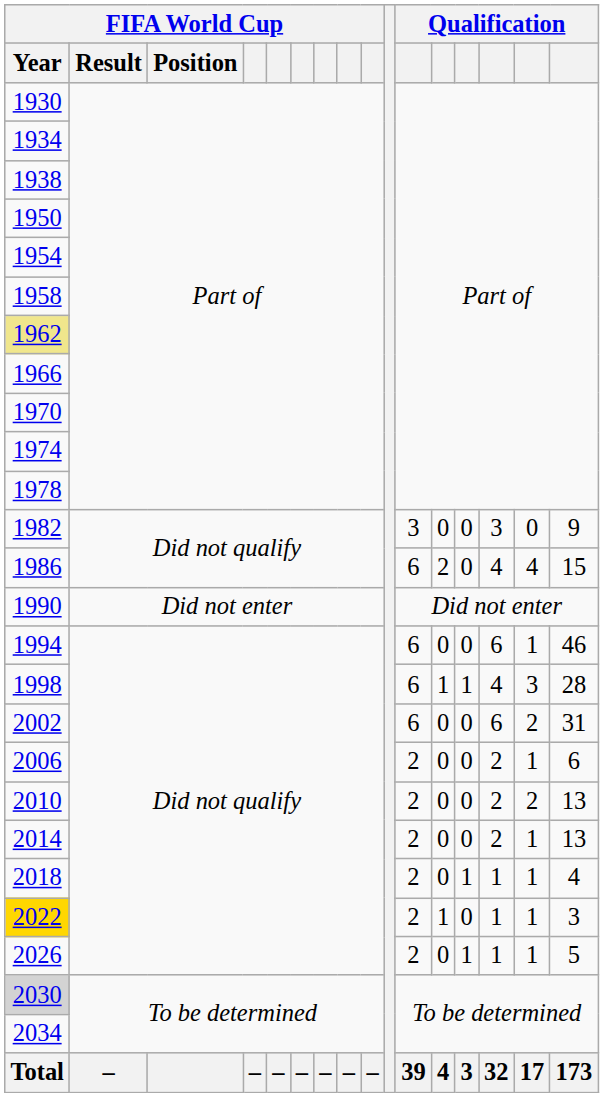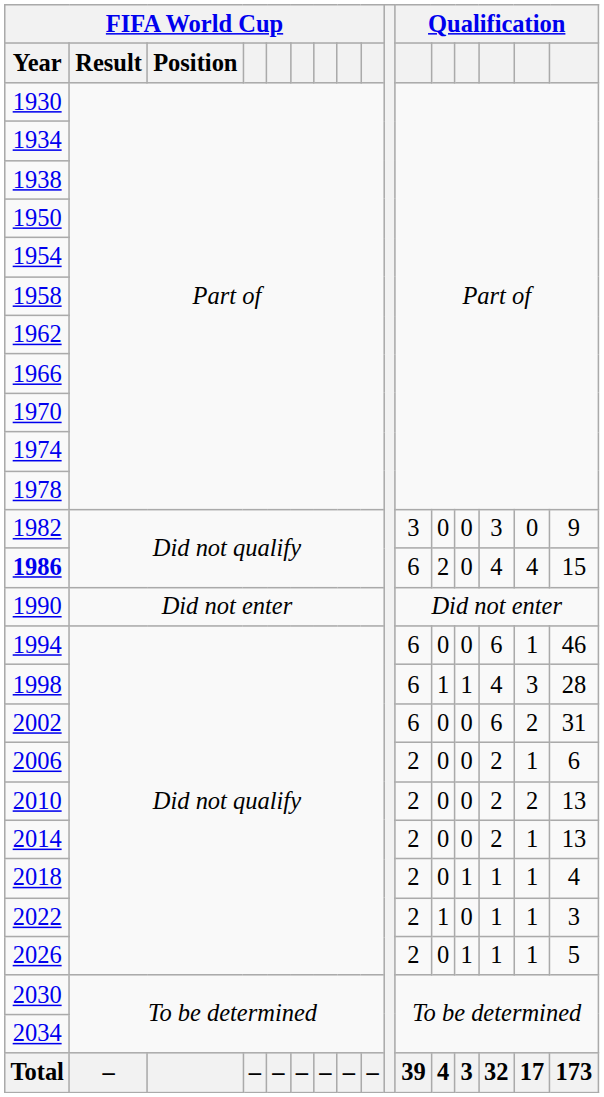 <table class="wikitable" style="text-align:center">
 <tr>
 <th colspan=9><a href='#'>FIFA World Cup</a></th>
 <th rowspan=37></th>
 <th colspan=6><a href='#'>Qualification</a></th>
 </tr>
 <tr>
 <th>Year</th>
 <th>Result</th>
 <th>Position</th>
 <th></th>
 <th></th>
 <th></th>
 <th></th>
 <th></th>
 <th></th>
 <th></th>
 <th></th>
 <th></th>
 <th></th>
 <th></th>
 <th></th>
 </tr>
 <tr>
 <td> <a href='#'>1930</a></td>
 <td rowspan="11" colspan="8"><em>Part of </em></td>
 <td rowspan="11" colspan="6"><em>Part of </em></td>
 </tr>
 <tr>
 <td> <a href='#'>1934</a></td>
 </tr>
 <tr>
 <td> <a href='#'>1938</a></td>
 </tr>
 <tr>
 <td> <a href='#'>1950</a></td>
 </tr>
 <tr>
 <td> <a href='#'>1954</a></td>
 </tr>
 <tr>
 <td> <a href='#'>1958</a></td>
 </tr>
 <tr>
-<td style="background: khaki;"> <a href='#'>1962</a></td>
+<td> <a href='#'>1962</a></td>
 </tr>
 <tr>
 <td> <a href='#'>1966</a></td>
 </tr>
 <tr>
 <td> <a href='#'>1970</a></td>
 </tr>
 <tr>
 <td> <a href='#'>1974</a></td>
 </tr>
 <tr>
 <td> <a href='#'>1978</a></td>
 </tr>
 <tr>
 <td> <a href='#'>1982</a></td>
 <td colspan=8 rowspan=2><em>Did not qualify</em></td>
 <td>3</td>
 <td>0</td>
 <td>0</td>
 <td>3</td>
 <td>0</td>
 <td>9</td>
 </tr>
 <tr>
-<td> <a href='#'>1986</a></td>
+<td><strong> <a href='#'>1986</a></strong></td>
 <td>6</td>
 <td>2</td>
 <td>0</td>
 <td>4</td>
 <td>4</td>
 <td>15</td>
 </tr>
 <tr>
 <td> <a href='#'>1990</a></td>
 <td colspan=8><em>Did not enter</em></td>
 <td colspan=6 rowspan=1><em>Did not enter</em></td>
 </tr>
 <tr>
 <td> <a href='#'>1994</a></td>
 <td colspan=8 rowspan=9><em>Did not qualify</em></td>
 <td>6</td>
 <td>0</td>
 <td>0</td>
 <td>6</td>
 <td>1</td>
 <td>46</td>
 </tr>
 <tr>
 <td> <a href='#'>1998</a></td>
 <td>6</td>
 <td>1</td>
 <td>1</td>
 <td>4</td>
 <td>3</td>
 <td>28</td>
 </tr>
 <tr>
 <td> <a href='#'>2002</a></td>
 <td>6</td>
 <td>0</td>
 <td>0</td>
 <td>6</td>
 <td>2</td>
 <td>31</td>
 </tr>
 <tr>
 <td> <a href='#'>2006</a></td>
 <td>2</td>
 <td>0</td>
 <td>0</td>
 <td>2</td>
 <td>1</td>
 <td>6</td>
 </tr>
 <tr>
 <td> <a href='#'>2010</a></td>
 <td>2</td>
 <td>0</td>
 <td>0</td>
 <td>2</td>
 <td>2</td>
 <td>13</td>
 </tr>
 <tr>
 <td> <a href='#'>2014</a></td>
 <td>2</td>
 <td>0</td>
 <td>0</td>
 <td>2</td>
 <td>1</td>
 <td>13</td>
 </tr>
 <tr>
 <td> <a href='#'>2018</a></td>
 <td>2</td>
 <td>0</td>
 <td>1</td>
 <td>1</td>
 <td>1</td>
 <td>4</td>
 </tr>
 <tr>
-<td style="background: gold;"> <a href='#'>2022</a></td>
+<td> <a href='#'>2022</a></td>
 <td>2</td>
 <td>1</td>
 <td>0</td>
 <td>1</td>
 <td>1</td>
 <td>3</td>
 </tr>
 <tr>
 <td> <a href='#'>2026</a></td>
 <td>2</td>
 <td>0</td>
 <td>1</td>
 <td>1</td>
 <td>1</td>
 <td>5</td>
 </tr>
 <tr>
-<td style="background: lightgrey;"> <a href='#'>2030</a></td>
+<td> <a href='#'>2030</a></td>
 <td colspan=9 rowspan=2><em>To be determined</em></td>
 <td colspan=9 rowspan=2><em>To be determined</em></td>
 </tr>
 <tr>
 <td> <a href='#'>2034</a></td>
 </tr>
 <tr>
 <th><strong>Total</strong></th>
 <th>–</th>
 <th><strong></strong></th>
 <th>–</th>
 <th>–</th>
 <th>–</th>
 <th>–</th>
 <th>–</th>
 <th>–</th>
 <th><strong>39</strong></th>
 <th><strong>4</strong></th>
 <th><strong>3</strong></th>
 <th><strong>32</strong></th>
 <th><strong>17</strong></th>
 <th><strong>173</strong></th>
 </tr>
 </table>
